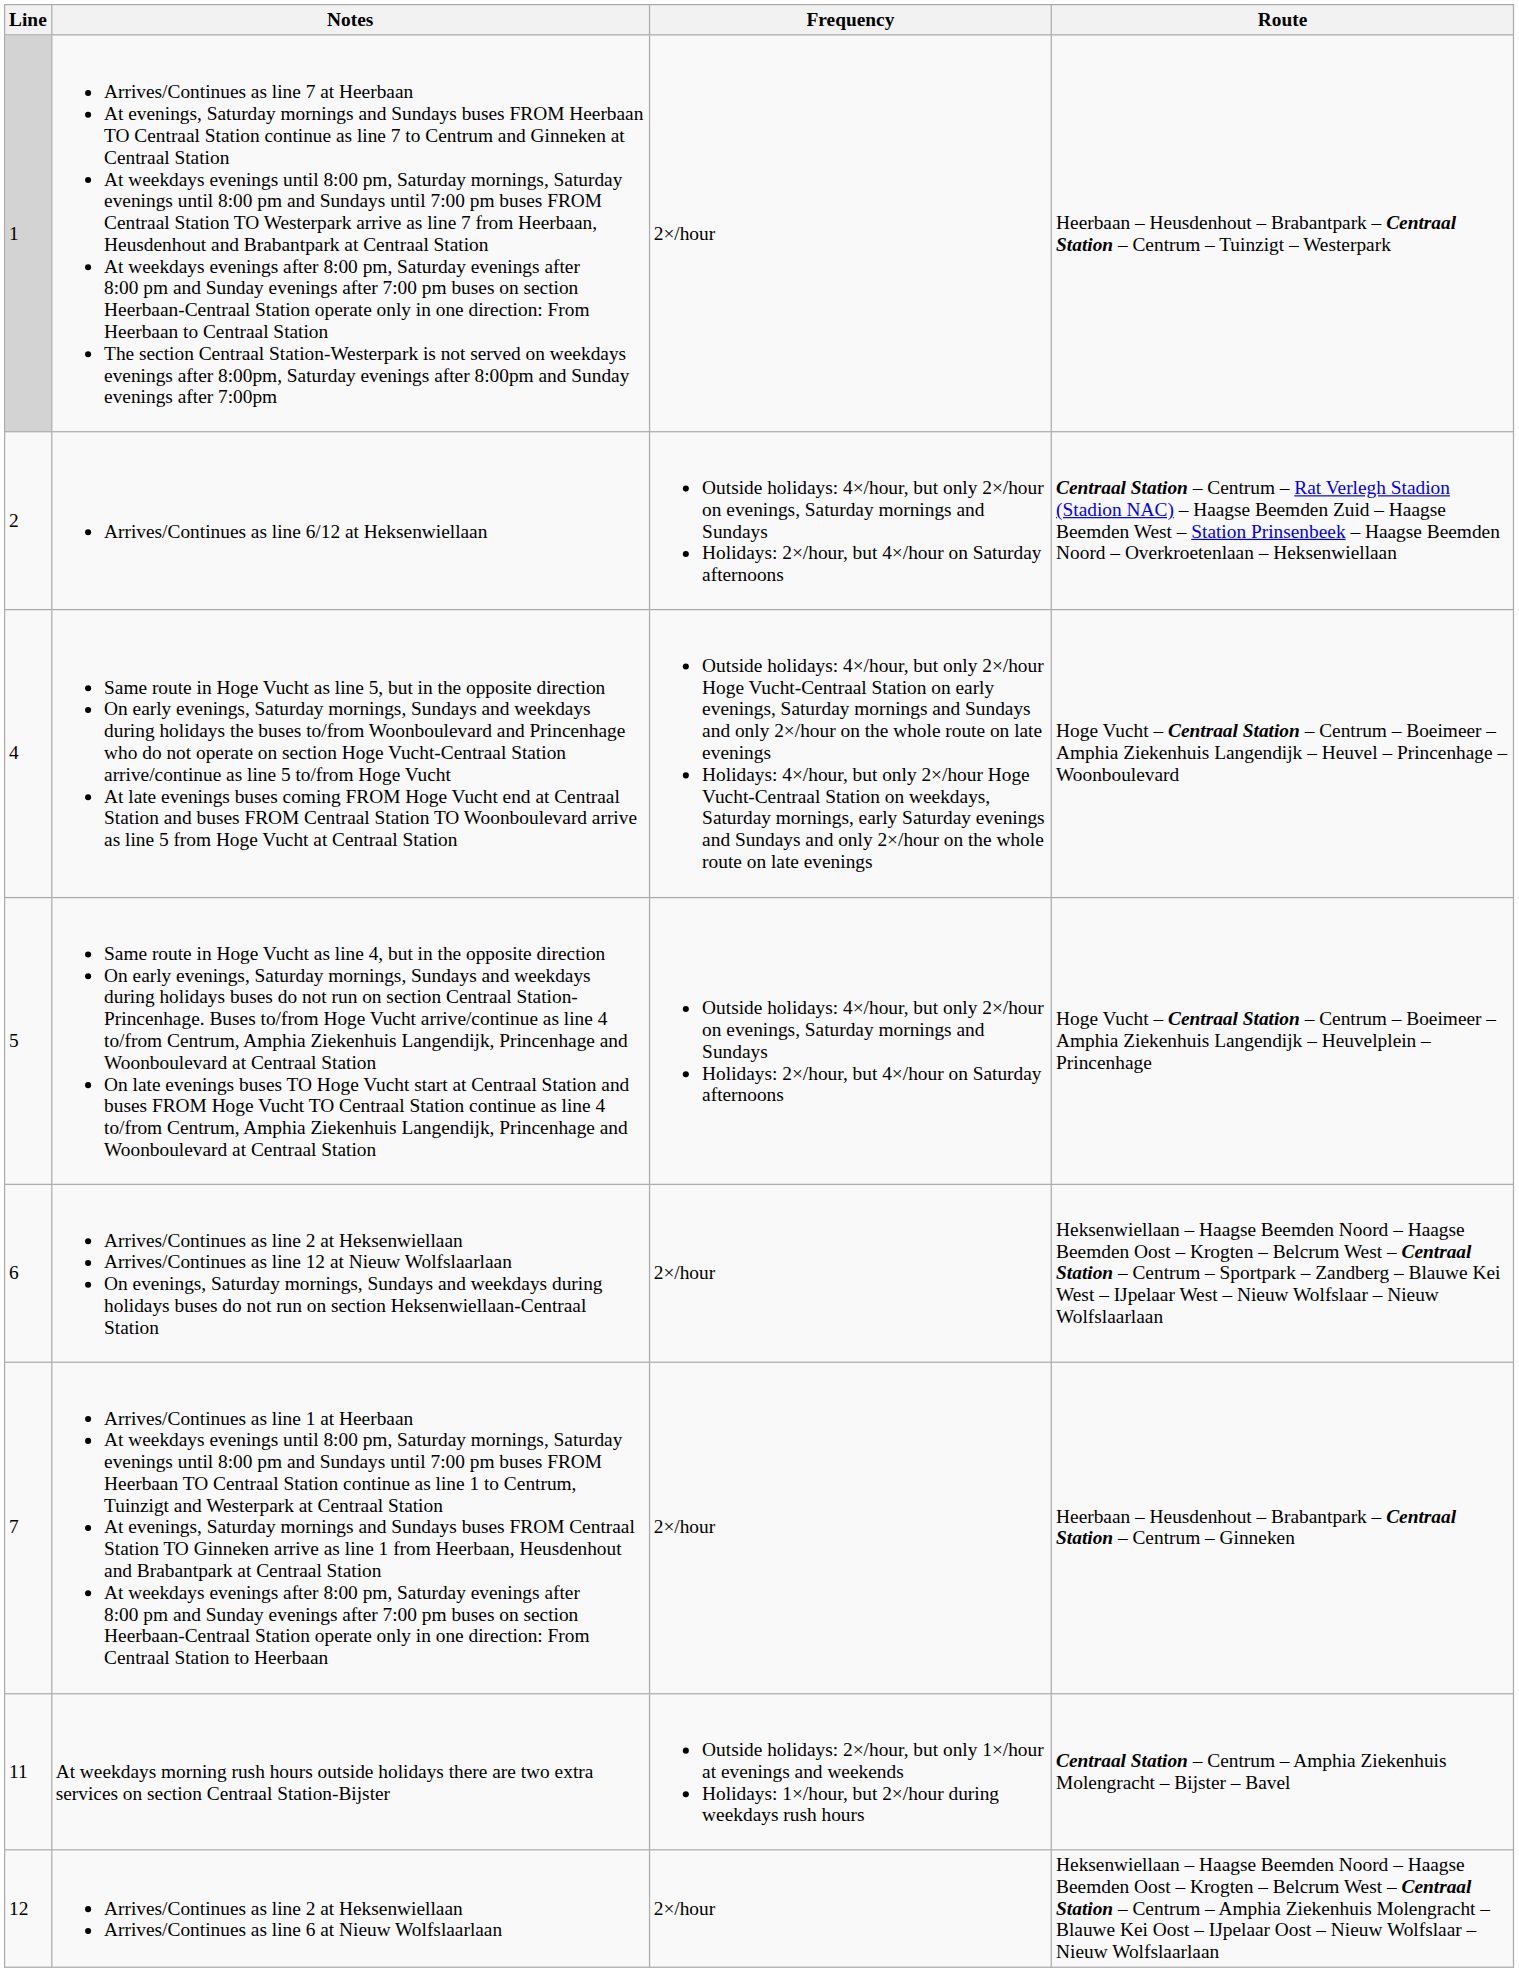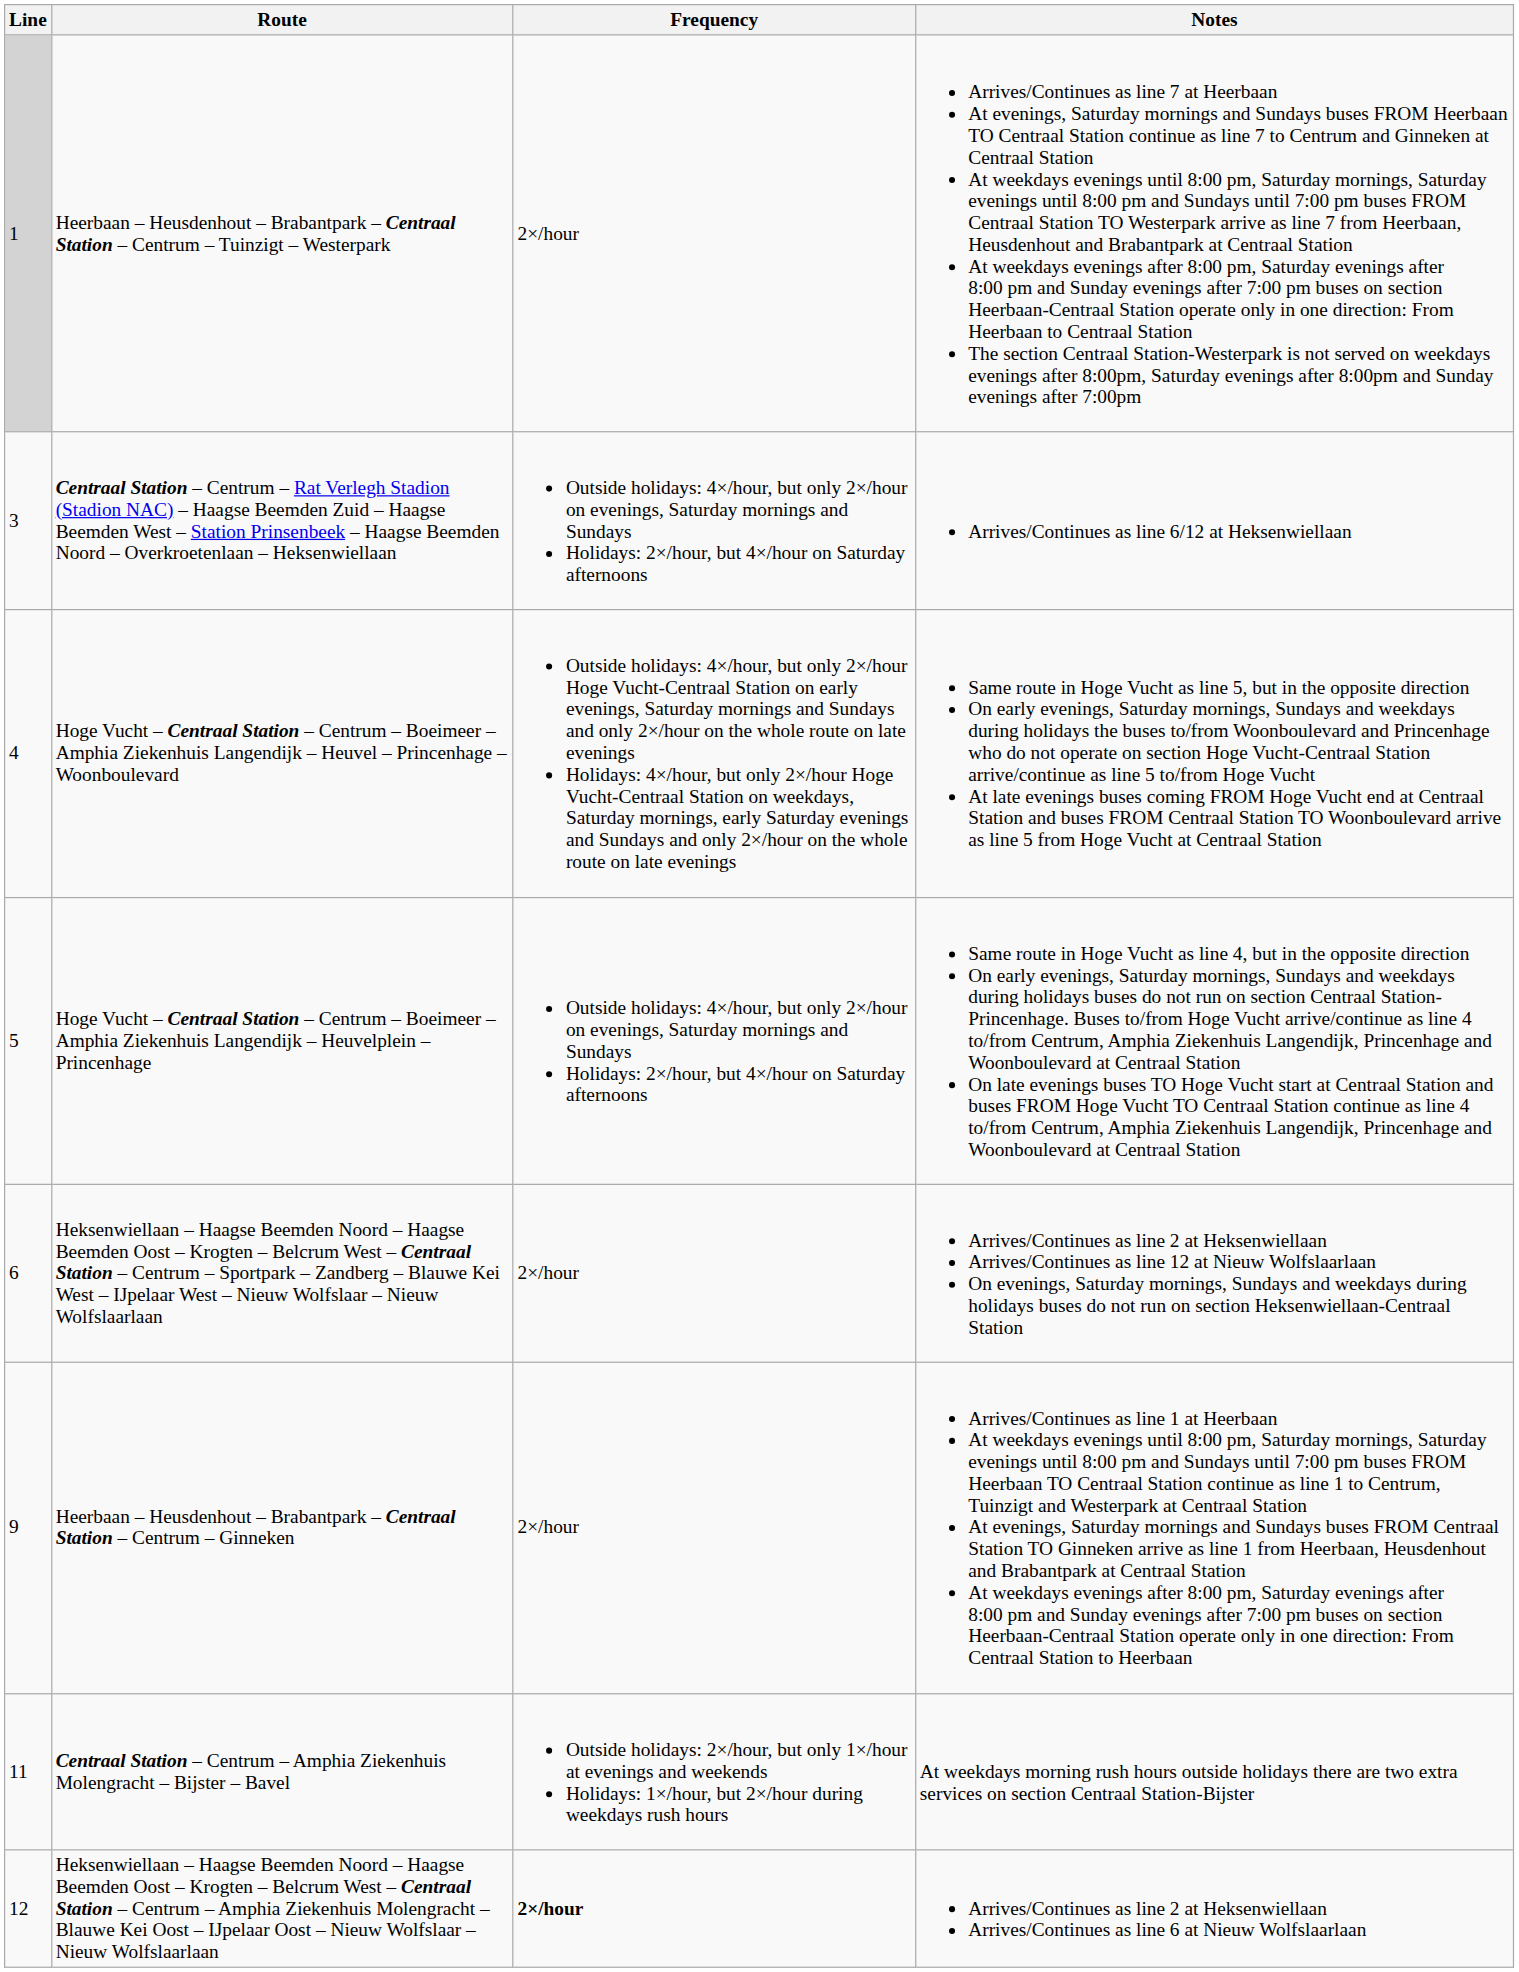 <table class="wikitable vatop">
 <tr>
 <th>Line</th>
+<th>Route</th>
+<th>Frequency</th>
 <th>Notes</th>
-<th>Frequency</th>
-<th>Route</th>
 </tr>
 <tr>
 <td style="background: lightgrey;">1</td>
+<td>Heerbaan – Heusdenhout – Brabantpark – <strong><em>Centraal Station</em></strong> – Centrum – Tuinzigt – Westerpark</td>
+<td>2×/hour</td>
 <td><br><ul><li>Arrives/Continues as line 7 at Heerbaan</li><li>At evenings, Saturday mornings and Sundays buses FROM Heerbaan TO Centraal Station continue as line 7 to Centrum and Ginneken at Centraal Station</li><li>At weekdays evenings until 8:00 pm, Saturday mornings, Saturday evenings until 8:00 pm and Sundays until 7:00 pm buses FROM Centraal Station TO Westerpark arrive as line 7 from Heerbaan, Heusdenhout and Brabantpark at Centraal Station</li><li>At weekdays evenings after 8:00 pm, Saturday evenings after 8:00 pm and Sunday evenings after 7:00 pm buses on section Heerbaan-Centraal Station operate only in one direction: From Heerbaan to Centraal Station</li><li>The section Centraal Station-Westerpark is not served on weekdays evenings after 8:00pm, Saturday evenings after 8:00pm and Sunday evenings after 7:00pm</li></ul></td>
-<td>2×/hour</td>
-<td>Heerbaan – Heusdenhout – Brabantpark – <strong><em>Centraal Station</em></strong> – Centrum – Tuinzigt – Westerpark</td>
 </tr>
 <tr>
-<td>2</td>
+<td>3</td>
+<td><strong><em>Centraal Station</em></strong> – Centrum – <a href='#'>Rat Verlegh Stadion (Stadion NAC)</a> – Haagse Beemden Zuid – Haagse Beemden West – <a href='#'>Station Prinsenbeek</a> – Haagse Beemden Noord – Overkroetenlaan – Heksenwiellaan</td>
+<td><br><ul><li>Outside holidays: 4×/hour, but only 2×/hour on evenings, Saturday mornings and Sundays</li><li>Holidays: 2×/hour, but 4×/hour on Saturday afternoons</li></ul></td>
 <td><br><ul><li>Arrives/Continues as line 6/12 at Heksenwiellaan</li></ul></td>
-<td><br><ul><li>Outside holidays: 4×/hour, but only 2×/hour on evenings, Saturday mornings and Sundays</li><li>Holidays: 2×/hour, but 4×/hour on Saturday afternoons</li></ul></td>
-<td><strong><em>Centraal Station</em></strong> – Centrum – <a href='#'>Rat Verlegh Stadion (Stadion NAC)</a> – Haagse Beemden Zuid – Haagse Beemden West – <a href='#'>Station Prinsenbeek</a> – Haagse Beemden Noord – Overkroetenlaan – Heksenwiellaan</td>
 </tr>
 <tr>
 <td>4</td>
+<td>Hoge Vucht – <strong><em>Centraal Station</em></strong> – Centrum – Boeimeer – Amphia Ziekenhuis Langendijk – Heuvel – Princenhage – Woonboulevard</td>
+<td><br><ul><li>Outside holidays: 4×/hour, but only 2×/hour Hoge Vucht-Centraal Station on early evenings, Saturday mornings and Sundays and only 2×/hour on the whole route on late evenings</li><li>Holidays: 4×/hour, but only 2×/hour Hoge Vucht-Centraal Station on weekdays, Saturday mornings, early Saturday evenings and Sundays and only 2×/hour on the whole route on late evenings</li></ul></td>
 <td><br><ul><li>Same route in Hoge Vucht as line 5, but in the opposite direction</li><li>On early evenings, Saturday mornings, Sundays and weekdays during holidays the buses to/from Woonboulevard and Princenhage who do not operate on section Hoge Vucht-Centraal Station arrive/continue as line 5 to/from Hoge Vucht</li><li>At late evenings buses coming FROM Hoge Vucht end at Centraal Station and buses FROM Centraal Station TO Woonboulevard arrive as line 5 from Hoge Vucht at Centraal Station</li></ul></td>
-<td><br><ul><li>Outside holidays: 4×/hour, but only 2×/hour Hoge Vucht-Centraal Station on early evenings, Saturday mornings and Sundays and only 2×/hour on the whole route on late evenings</li><li>Holidays: 4×/hour, but only 2×/hour Hoge Vucht-Centraal Station on weekdays, Saturday mornings, early Saturday evenings and Sundays and only 2×/hour on the whole route on late evenings</li></ul></td>
-<td>Hoge Vucht – <strong><em>Centraal Station</em></strong> – Centrum – Boeimeer – Amphia Ziekenhuis Langendijk – Heuvel – Princenhage – Woonboulevard</td>
 </tr>
 <tr>
 <td>5</td>
+<td>Hoge Vucht – <strong><em>Centraal Station</em></strong> – Centrum – Boeimeer – Amphia Ziekenhuis Langendijk – Heuvelplein – Princenhage</td>
+<td><br><ul><li>Outside holidays: 4×/hour, but only 2×/hour on evenings, Saturday mornings and Sundays</li><li>Holidays: 2×/hour, but 4×/hour on Saturday afternoons</li></ul></td>
 <td><br><ul><li>Same route in Hoge Vucht as line 4, but in the opposite direction</li><li>On early evenings, Saturday mornings, Sundays and weekdays during holidays buses do not run on section Centraal Station-Princenhage. Buses to/from Hoge Vucht arrive/continue as line 4 to/from Centrum, Amphia Ziekenhuis Langendijk, Princenhage and Woonboulevard at Centraal Station</li><li>On late evenings buses TO Hoge Vucht start at Centraal Station and buses FROM Hoge Vucht TO Centraal Station continue as line 4 to/from Centrum, Amphia Ziekenhuis Langendijk, Princenhage and Woonboulevard at Centraal Station</li></ul></td>
-<td><br><ul><li>Outside holidays: 4×/hour, but only 2×/hour on evenings, Saturday mornings and Sundays</li><li>Holidays: 2×/hour, but 4×/hour on Saturday afternoons</li></ul></td>
-<td>Hoge Vucht – <strong><em>Centraal Station</em></strong> – Centrum – Boeimeer – Amphia Ziekenhuis Langendijk – Heuvelplein – Princenhage</td>
 </tr>
 <tr>
 <td>6</td>
+<td>Heksenwiellaan – Haagse Beemden Noord – Haagse Beemden Oost – Krogten – Belcrum West – <strong><em>Centraal Station</em></strong> – Centrum – Sportpark – Zandberg – Blauwe Kei West – IJpelaar West – Nieuw Wolfslaar – Nieuw Wolfslaarlaan</td>
+<td>2×/hour</td>
 <td><br><ul><li>Arrives/Continues as line 2 at Heksenwiellaan</li><li>Arrives/Continues as line 12 at Nieuw Wolfslaarlaan</li><li>On evenings, Saturday mornings, Sundays and weekdays during holidays buses do not run on section Heksenwiellaan-Centraal Station</li></ul></td>
-<td>2×/hour</td>
-<td>Heksenwiellaan – Haagse Beemden Noord – Haagse Beemden Oost – Krogten – Belcrum West – <strong><em>Centraal Station</em></strong> – Centrum – Sportpark – Zandberg – Blauwe Kei West – IJpelaar West – Nieuw Wolfslaar – Nieuw Wolfslaarlaan</td>
 </tr>
 <tr>
-<td>7</td>
+<td>9</td>
+<td>Heerbaan – Heusdenhout – Brabantpark – <strong><em>Centraal Station</em></strong> – Centrum – Ginneken</td>
+<td>2×/hour</td>
 <td><br><ul><li>Arrives/Continues as line 1 at Heerbaan</li><li>At weekdays evenings until 8:00 pm, Saturday mornings, Saturday evenings until 8:00 pm and Sundays until 7:00 pm buses FROM Heerbaan TO Centraal Station continue as line 1 to Centrum, Tuinzigt and Westerpark at Centraal Station</li><li>At evenings, Saturday mornings and Sundays buses FROM Centraal Station TO Ginneken arrive as line 1 from Heerbaan, Heusdenhout and Brabantpark at Centraal Station</li><li>At weekdays evenings after 8:00 pm, Saturday evenings after 8:00 pm and Sunday evenings after 7:00 pm buses on section Heerbaan-Centraal Station operate only in one direction: From Centraal Station to Heerbaan</li></ul></td>
-<td>2×/hour</td>
-<td>Heerbaan – Heusdenhout – Brabantpark – <strong><em>Centraal Station</em></strong> – Centrum – Ginneken</td>
 </tr>
 <tr>
 <td>11</td>
+<td><strong><em>Centraal Station</em></strong> – Centrum – Amphia Ziekenhuis Molengracht – Bijster – Bavel</td>
+<td><br><ul><li>Outside holidays: 2×/hour, but only 1×/hour at evenings and weekends</li><li>Holidays: 1×/hour, but 2×/hour during weekdays rush hours</li></ul></td>
 <td><br>At weekdays morning rush hours outside holidays there are two extra services on section Centraal Station-Bijster</td>
-<td><br><ul><li>Outside holidays: 2×/hour, but only 1×/hour at evenings and weekends</li><li>Holidays: 1×/hour, but 2×/hour during weekdays rush hours</li></ul></td>
-<td><strong><em>Centraal Station</em></strong> – Centrum – Amphia Ziekenhuis Molengracht – Bijster – Bavel</td>
 </tr>
 <tr>
 <td>12</td>
+<td>Heksenwiellaan – Haagse Beemden Noord – Haagse Beemden Oost – Krogten – Belcrum West – <strong><em>Centraal Station</em></strong> – Centrum – Amphia Ziekenhuis Molengracht – Blauwe Kei Oost – IJpelaar Oost – Nieuw Wolfslaar – Nieuw Wolfslaarlaan</td>
+<td><strong>2×/hour</strong></td>
 <td><br><ul><li>Arrives/Continues as line 2 at Heksenwiellaan</li><li>Arrives/Continues as line 6 at Nieuw Wolfslaarlaan</li></ul></td>
-<td>2×/hour</td>
-<td>Heksenwiellaan – Haagse Beemden Noord – Haagse Beemden Oost – Krogten – Belcrum West – <strong><em>Centraal Station</em></strong> – Centrum – Amphia Ziekenhuis Molengracht – Blauwe Kei Oost – IJpelaar Oost – Nieuw Wolfslaar – Nieuw Wolfslaarlaan</td>
 </tr>
 </table>
